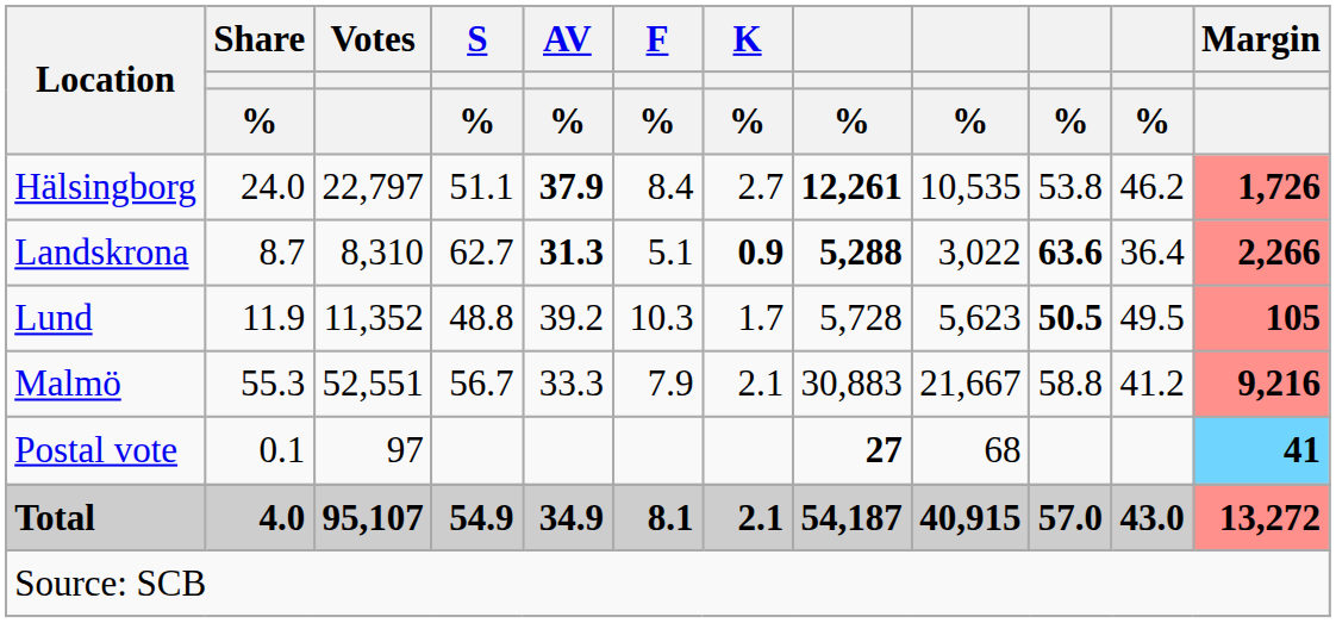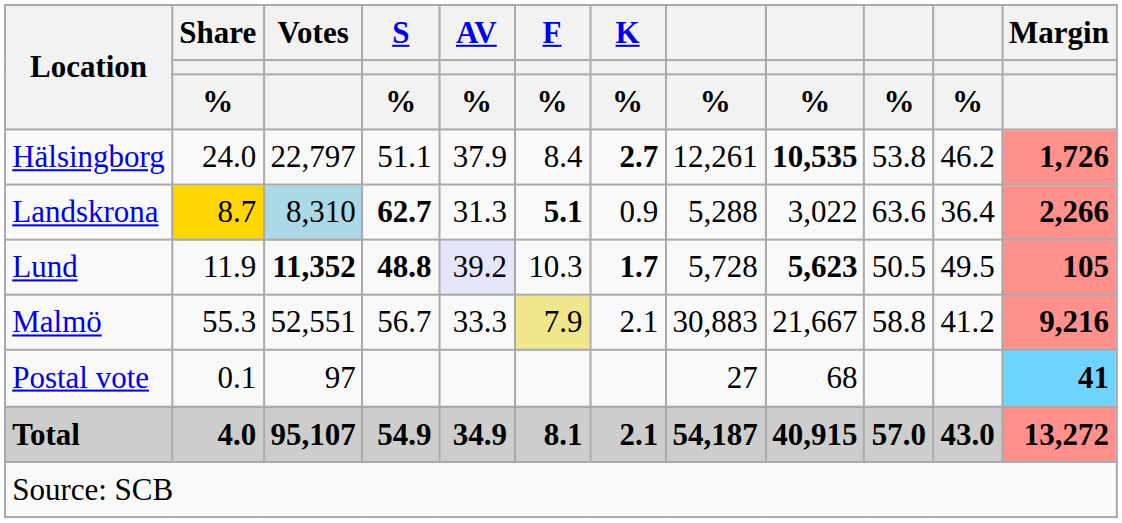 <table class="wikitable sortable" style="text-align:right; font-size:95%; line-height:20px;">
 <tr>
 <th rowspan="3">Location</th>
 <th>Share</th>
 <th>Votes</th>
 <th width="30px" class="unsortable"><a href='#'>S</a></th>
 <th width="30px" class="unsortable"><a href='#'>AV</a></th>
 <th width="30px" class="unsortable"><a href='#'>F</a></th>
 <th width="30px" class="unsortable"><a href='#'>K</a></th>
 <th></th>
 <th></th>
 <th></th>
 <th></th>
 <th>Margin</th>
 </tr>
 <tr>
 <th></th>
 <th></th>
 <th style="background:"></th>
 <th style="background:"></th>
 <th style="background:"></th>
 <th style="background:"></th>
 <th style="background:"></th>
 <th style="background:"></th>
 <th style="background:"></th>
 <th style="background:"></th>
 <th></th>
 </tr>
 <tr>
 <th data-sort-type="number">%</th>
 <th></th>
 <th data-sort-type="number">%</th>
 <th data-sort-type="number">%</th>
 <th data-sort-type="number">%</th>
 <th data-sort-type="number">%</th>
 <th data-sort-type="number">%</th>
 <th data-sort-type="number">%</th>
 <th data-sort-type="number">%</th>
 <th data-sort-type="number">%</th>
 <th></th>
 </tr>
 <tr>
 <td align=left><a href='#'>Hälsingborg</a></td>
 <td>24.0</td>
 <td>22,797</td>
 <td>51.1</td>
-<td><strong>37.9</strong></td>
+<td>37.9</td>
 <td>8.4</td>
-<td>2.7</td>
-<td><strong>12,261</strong></td>
-<td>10,535</td>
+<td><strong>2.7</strong></td>
+<td>12,261</td>
+<td><strong>10,535</strong></td>
 <td>53.8</td>
 <td>46.2</td>
 <td bgcolor=#ff908c><strong>1,726</strong></td>
 </tr>
 <tr>
 <td align=left><a href='#'>Landskrona</a></td>
-<td>8.7</td>
-<td>8,310</td>
-<td>62.7</td>
-<td><strong>31.3</strong></td>
-<td>5.1</td>
-<td><strong>0.9</strong></td>
-<td><strong>5,288</strong></td>
+<td style="background: gold;">8.7</td>
+<td style="background: lightblue;">8,310</td>
+<td><strong>62.7</strong></td>
+<td>31.3</td>
+<td><strong>5.1</strong></td>
+<td>0.9</td>
+<td>5,288</td>
 <td>3,022</td>
-<td><strong>63.6</strong></td>
+<td>63.6</td>
 <td>36.4</td>
 <td bgcolor=#ff908c><strong>2,266</strong></td>
 </tr>
 <tr>
 <td align=left><a href='#'>Lund</a></td>
 <td>11.9</td>
-<td>11,352</td>
-<td>48.8</td>
-<td>39.2</td>
+<td><strong>11,352</strong></td>
+<td><strong>48.8</strong></td>
+<td style="background: lavender;">39.2</td>
 <td>10.3</td>
-<td>1.7</td>
+<td><strong>1.7</strong></td>
 <td>5,728</td>
-<td>5,623</td>
-<td><strong>50.5</strong></td>
+<td><strong>5,623</strong></td>
+<td>50.5</td>
 <td>49.5</td>
 <td bgcolor=#ff908c><strong>105</strong></td>
 </tr>
 <tr>
 <td align=left><a href='#'>Malmö</a></td>
 <td>55.3</td>
 <td>52,551</td>
 <td>56.7</td>
 <td>33.3</td>
-<td>7.9</td>
+<td style="background: khaki;">7.9</td>
 <td>2.1</td>
 <td>30,883</td>
 <td>21,667</td>
 <td>58.8</td>
 <td>41.2</td>
 <td bgcolor=#ff908c><strong>9,216</strong></td>
 </tr>
 <tr>
 <td align=left><a href='#'>Postal vote</a></td>
 <td>0.1</td>
 <td>97</td>
 <td></td>
 <td></td>
 <td></td>
 <td></td>
-<td><strong>27</strong></td>
+<td>27</td>
 <td>68</td>
 <td></td>
 <td></td>
 <td bgcolor=#6fd5fe><strong>41</strong></td>
 </tr>
 <tr>
 </tr>
 <tr style="background:#CDCDCD;">
 <td align=left><strong>Total</strong></td>
 <td><strong>4.0</strong></td>
 <td><strong>95,107</strong></td>
 <td><strong>54.9</strong></td>
 <td><strong>34.9</strong></td>
 <td><strong>8.1</strong></td>
 <td><strong>2.1</strong></td>
 <td><strong>54,187</strong></td>
 <td><strong>40,915</strong></td>
 <td><strong>57.0</strong></td>
 <td><strong>43.0</strong></td>
 <td bgcolor=#ff908c><strong>13,272</strong></td>
 </tr>
 <tr>
 <td align=left colspan=12>Source: SCB </td>
 </tr>
 </table>
